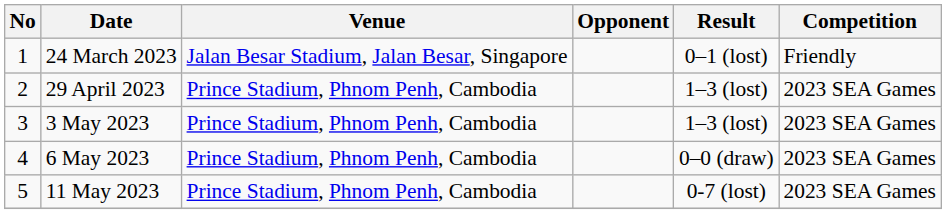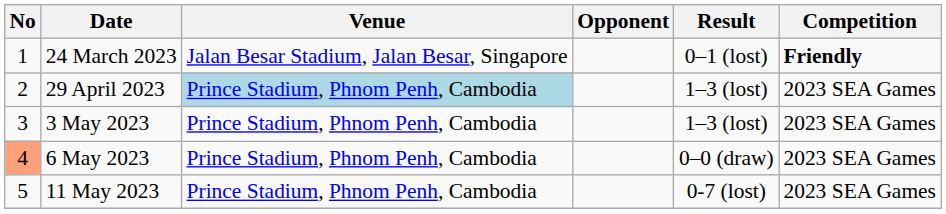 <table class="wikitable">
 <tr>
 <th>No</th>
 <th>Date</th>
 <th>Venue</th>
 <th>Opponent</th>
 <th>Result</th>
 <th>Competition</th>
 </tr>
 <tr>
 <td align=center>1</td>
 <td>24 March 2023</td>
 <td><a href='#'>Jalan Besar Stadium</a>, <a href='#'>Jalan Besar</a>, Singapore</td>
 <td></td>
 <td align=center>0–1 (lost)</td>
-<td>Friendly</td>
+<td><strong>Friendly</strong></td>
 </tr>
 <tr>
 <td align=center>2</td>
 <td>29 April 2023</td>
-<td><a href='#'>Prince Stadium</a>, <a href='#'>Phnom Penh</a>, Cambodia</td>
+<td style="background: lightblue;"><a href='#'>Prince Stadium</a>, <a href='#'>Phnom Penh</a>, Cambodia</td>
 <td></td>
 <td align=center>1–3 (lost)</td>
 <td>2023 SEA Games</td>
 </tr>
 <tr>
 <td align=center>3</td>
 <td>3 May 2023</td>
 <td><a href='#'>Prince Stadium</a>, <a href='#'>Phnom Penh</a>, Cambodia</td>
 <td></td>
 <td align=center>1–3 (lost)</td>
 <td>2023 SEA Games</td>
 </tr>
 <tr>
-<td align=center>4</td>
+<td align=center style="background: lightsalmon;">4</td>
 <td>6 May 2023</td>
 <td><a href='#'>Prince Stadium</a>, <a href='#'>Phnom Penh</a>, Cambodia</td>
 <td></td>
 <td align=center>0–0 (draw)</td>
 <td>2023 SEA Games</td>
 </tr>
 <tr>
 <td align=center>5</td>
 <td>11 May 2023</td>
 <td><a href='#'>Prince Stadium</a>, <a href='#'>Phnom Penh</a>, Cambodia</td>
 <td></td>
 <td align=center>0-7 (lost)</td>
 <td>2023 SEA Games</td>
 </tr>
 <tr>
 </tr>
 </table>
